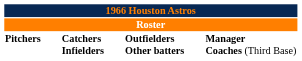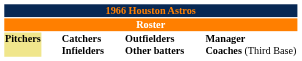 <table class="toccolours" style="text-align: left;">
 <tr>
 <th colspan="10" style="background-color: #072854; color: #FF7F00; text-align: center;">1966 Houston Astros</th>
 </tr>
 <tr>
 <td colspan="10" style="background-color: #FF7F00; color: white; text-align: center;"><strong>Roster</strong></td>
 </tr>
 <tr>
-<td valign="top"><strong>Pitchers</strong><br>                   </td>
+<td valign="top" style="background: khaki;"><strong>Pitchers</strong><br>                   </td>
 <td width="25px"></td>
 <td valign="top"><strong>Catchers</strong><br>    <strong>Infielders</strong>         </td>
 <td width="25px"></td>
 <td valign="top"><strong>Outfielders</strong><br>          <strong>Other batters</strong>  </td>
 <td width="25px"></td>
 <td valign="top"><strong>Manager</strong><br> <strong>Coaches</strong>  (Third Base)    </td>
 </tr>
 </table>
